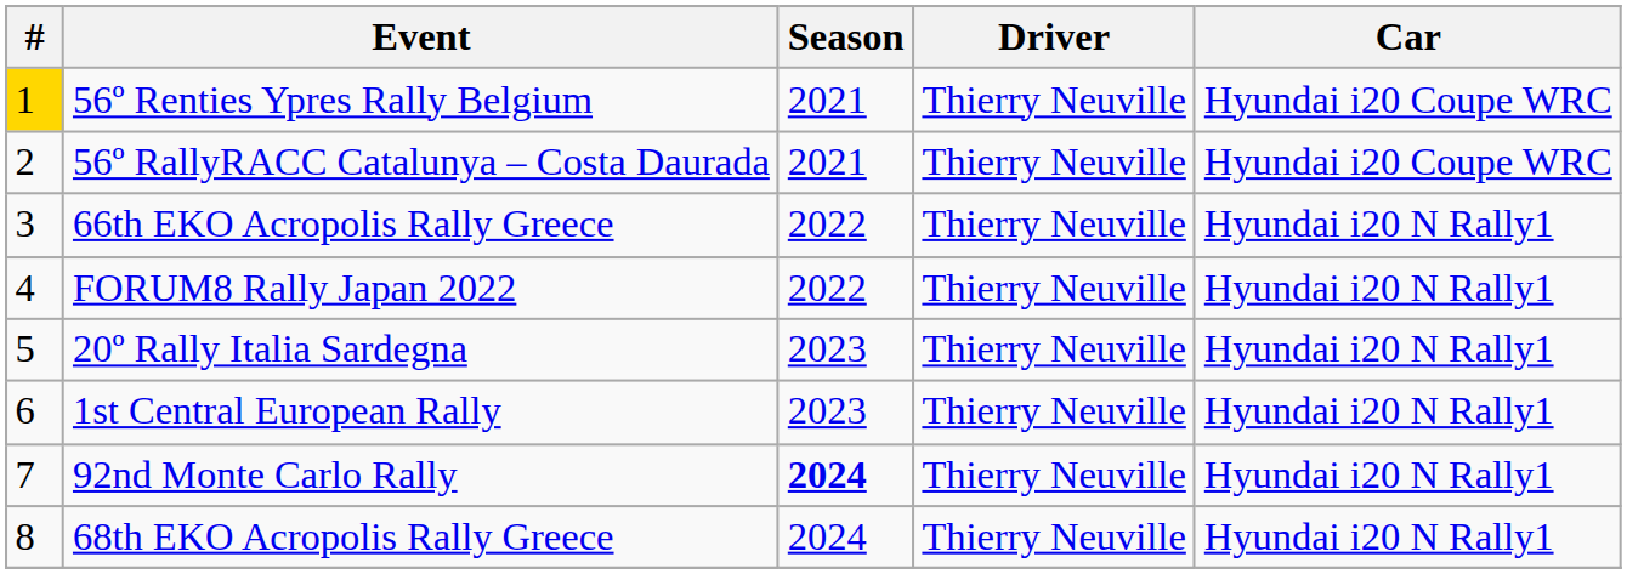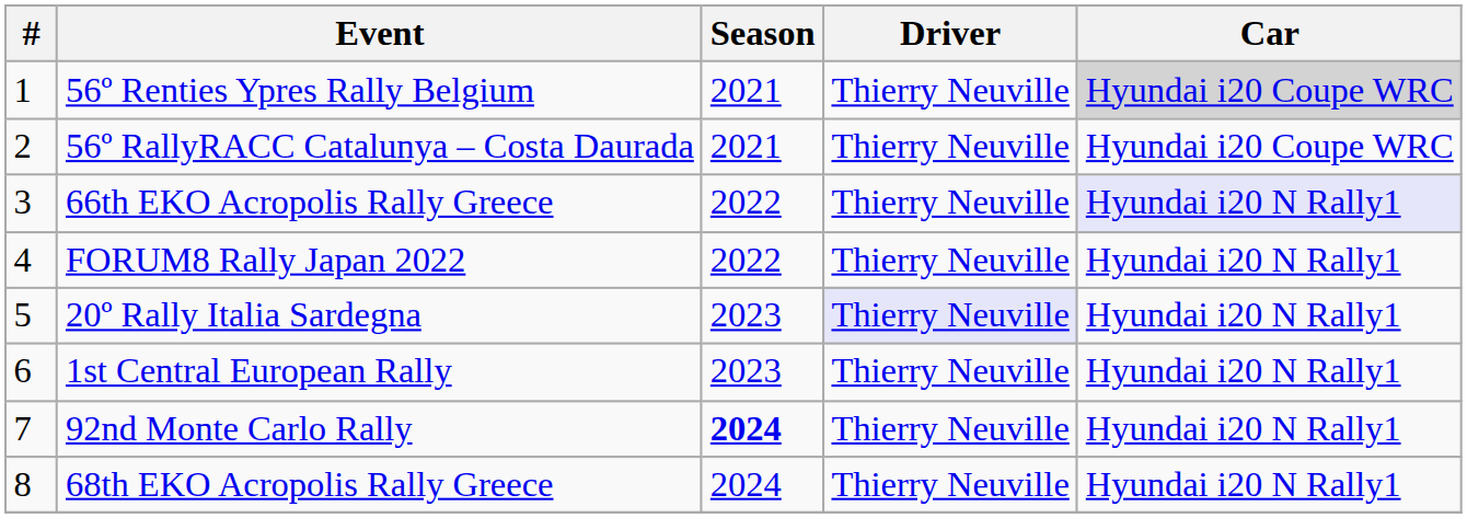 <table class="wikitable">
 <tr>
 <th> # </th>
 <th>Event</th>
 <th>Season</th>
 <th>Driver</th>
 <th>Car</th>
 </tr>
 <tr>
-<td style="background: gold;">1</td>
+<td>1</td>
 <td> <a href='#'>56º Renties Ypres Rally Belgium</a></td>
 <td><a href='#'>2021</a></td>
 <td> <a href='#'>Thierry Neuville</a></td>
-<td><a href='#'>Hyundai i20 Coupe WRC</a></td>
+<td style="background: lightgrey;"><a href='#'>Hyundai i20 Coupe WRC</a></td>
 </tr>
 <tr>
 <td>2</td>
 <td> <a href='#'>56º RallyRACC Catalunya – Costa Daurada</a></td>
 <td><a href='#'>2021</a></td>
 <td> <a href='#'>Thierry Neuville</a></td>
 <td><a href='#'>Hyundai i20 Coupe WRC</a></td>
 </tr>
 <tr>
 <td>3</td>
 <td> <a href='#'>66th EKO Acropolis Rally Greece</a></td>
 <td><a href='#'>2022</a></td>
 <td> <a href='#'>Thierry Neuville</a></td>
-<td><a href='#'>Hyundai i20 N Rally1</a></td>
+<td style="background: lavender;"><a href='#'>Hyundai i20 N Rally1</a></td>
 </tr>
 <tr>
 <td>4</td>
 <td> <a href='#'>FORUM8 Rally Japan 2022</a></td>
 <td><a href='#'>2022</a></td>
 <td> <a href='#'>Thierry Neuville</a></td>
 <td><a href='#'>Hyundai i20 N Rally1</a></td>
 </tr>
 <tr>
 <td>5</td>
 <td> <a href='#'>20º Rally Italia Sardegna</a></td>
 <td><a href='#'>2023</a></td>
-<td> <a href='#'>Thierry Neuville</a></td>
+<td style="background: lavender;"> <a href='#'>Thierry Neuville</a></td>
 <td><a href='#'>Hyundai i20 N Rally1</a></td>
 </tr>
 <tr>
 <td>6</td>
 <td> <a href='#'>1st Central European Rally</a></td>
 <td><a href='#'>2023</a></td>
 <td> <a href='#'>Thierry Neuville</a></td>
 <td><a href='#'>Hyundai i20 N Rally1</a></td>
 </tr>
 <tr>
 <td>7</td>
 <td> <a href='#'>92nd Monte Carlo Rally</a></td>
 <td><strong><a href='#'>2024</a></strong></td>
 <td> <a href='#'>Thierry Neuville</a></td>
 <td><a href='#'>Hyundai i20 N Rally1</a></td>
 </tr>
 <tr>
 <td>8</td>
 <td> <a href='#'>68th EKO Acropolis Rally Greece</a></td>
 <td><a href='#'>2024</a></td>
 <td> <a href='#'>Thierry Neuville</a></td>
 <td><a href='#'>Hyundai i20 N Rally1</a></td>
 </tr>
 <tr>
 </tr>
 </table>
